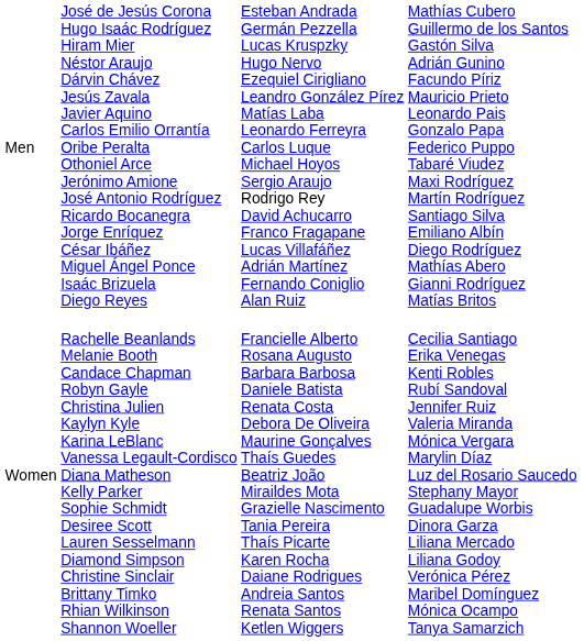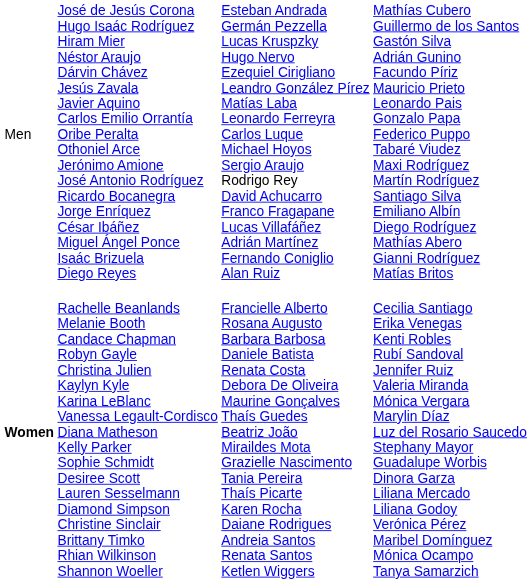 <table>
 <tr>
 <td>Men <br></td>
 <td><br><a href='#'>José de Jesús Corona</a><br><a href='#'>Hugo Isaác Rodríguez</a><br><a href='#'>Hiram Mier</a><br><a href='#'>Néstor Araujo</a><br><a href='#'>Dárvin Chávez</a><br><a href='#'>Jesús Zavala</a><br><a href='#'>Javier Aquino</a><br><a href='#'>Carlos Emilio Orrantía</a><br><a href='#'>Oribe Peralta</a><br><a href='#'>Othoniel Arce</a><br><a href='#'>Jerónimo Amione</a><br><a href='#'>José Antonio Rodríguez</a><br><a href='#'>Ricardo Bocanegra</a><br><a href='#'>Jorge Enríquez</a><br><a href='#'>César Ibáñez</a><br><a href='#'>Miguel Ángel Ponce</a><br><a href='#'>Isaác Brizuela</a><br><a href='#'>Diego Reyes</a></td>
 <td><br><a href='#'>Esteban Andrada</a><br><a href='#'>Germán Pezzella</a><br><a href='#'>Lucas Kruspzky</a><br><a href='#'>Hugo Nervo</a><br><a href='#'>Ezequiel Cirigliano</a><br><a href='#'>Leandro González Pírez</a><br><a href='#'>Matías Laba</a><br><a href='#'>Leonardo Ferreyra</a><br><a href='#'>Carlos Luque</a><br><a href='#'>Michael Hoyos</a><br><a href='#'>Sergio Araujo</a><br>Rodrigo Rey<br><a href='#'>David Achucarro</a><br><a href='#'>Franco Fragapane</a><br><a href='#'>Lucas Villafáñez</a><br><a href='#'>Adrián Martínez</a><br><a href='#'>Fernando Coniglio</a><br><a href='#'>Alan Ruiz</a></td>
 <td><br><a href='#'>Mathías Cubero</a><br><a href='#'>Guillermo de los Santos</a><br><a href='#'>Gastón Silva</a><br><a href='#'>Adrián Gunino</a><br><a href='#'>Facundo Píriz</a><br><a href='#'>Mauricio Prieto</a><br><a href='#'>Leonardo Pais</a><br><a href='#'>Gonzalo Papa</a><br><a href='#'>Federico Puppo</a><br><a href='#'>Tabaré Viudez</a><br><a href='#'>Maxi Rodríguez</a><br><a href='#'>Martín Rodríguez</a><br><a href='#'>Santiago Silva</a><br><a href='#'>Emiliano Albín</a><br><a href='#'>Diego Rodríguez</a><br><a href='#'>Mathías Abero</a><br><a href='#'>Gianni Rodríguez</a><br><a href='#'>Matías Britos</a></td>
 </tr>
 <tr>
-<td>Women <br></td>
+<td><strong>Women <br></strong></td>
 <td><br><a href='#'>Rachelle Beanlands</a> <br><a href='#'>Melanie Booth</a><br><a href='#'>Candace Chapman</a><br><a href='#'>Robyn Gayle</a><br><a href='#'>Christina Julien</a><br><a href='#'>Kaylyn Kyle</a><br><a href='#'>Karina LeBlanc</a><br><a href='#'>Vanessa Legault-Cordisco</a><br><a href='#'>Diana Matheson</a><br><a href='#'>Kelly Parker</a><br><a href='#'>Sophie Schmidt</a><br><a href='#'>Desiree Scott</a><br><a href='#'>Lauren Sesselmann</a> <br><a href='#'>Diamond Simpson</a><br><a href='#'>Christine Sinclair</a><br><a href='#'>Brittany Timko</a><br><a href='#'>Rhian Wilkinson</a><br><a href='#'>Shannon Woeller</a></td>
 <td><br><a href='#'>Francielle Alberto</a> <br><a href='#'>Rosana Augusto</a><br><a href='#'>Barbara Barbosa</a><br><a href='#'>Daniele Batista</a><br><a href='#'>Renata Costa</a><br><a href='#'>Debora De Oliveira</a><br><a href='#'>Maurine Gonçalves</a><br><a href='#'>Thaís Guedes</a><br><a href='#'>Beatriz João</a><br><a href='#'>Miraildes Mota</a><br><a href='#'>Grazielle Nascimento</a><br><a href='#'>Tania Pereira</a><br><a href='#'>Thaís Picarte</a> <br><a href='#'>Karen Rocha</a><br><a href='#'>Daiane Rodrigues</a><br><a href='#'>Andreia Santos</a><br><a href='#'>Renata Santos</a><br><a href='#'>Ketlen Wiggers</a></td>
 <td><br><a href='#'>Cecilia Santiago</a><br><a href='#'>Erika Venegas</a><br><a href='#'>Kenti Robles</a><br><a href='#'>Rubí Sandoval</a><br><a href='#'>Jennifer Ruiz</a><br><a href='#'>Valeria Miranda</a><br><a href='#'>Mónica Vergara</a><br><a href='#'>Marylin Díaz</a><br><a href='#'>Luz del Rosario Saucedo</a><br><a href='#'>Stephany Mayor</a><br><a href='#'>Guadalupe Worbis</a><br><a href='#'>Dinora Garza</a><br><a href='#'>Liliana Mercado</a><br><a href='#'>Liliana Godoy</a><br><a href='#'>Verónica Pérez</a><br><a href='#'>Maribel Domínguez</a><br><a href='#'>Mónica Ocampo</a><br><a href='#'>Tanya Samarzich</a></td>
 </tr>
 </table>
